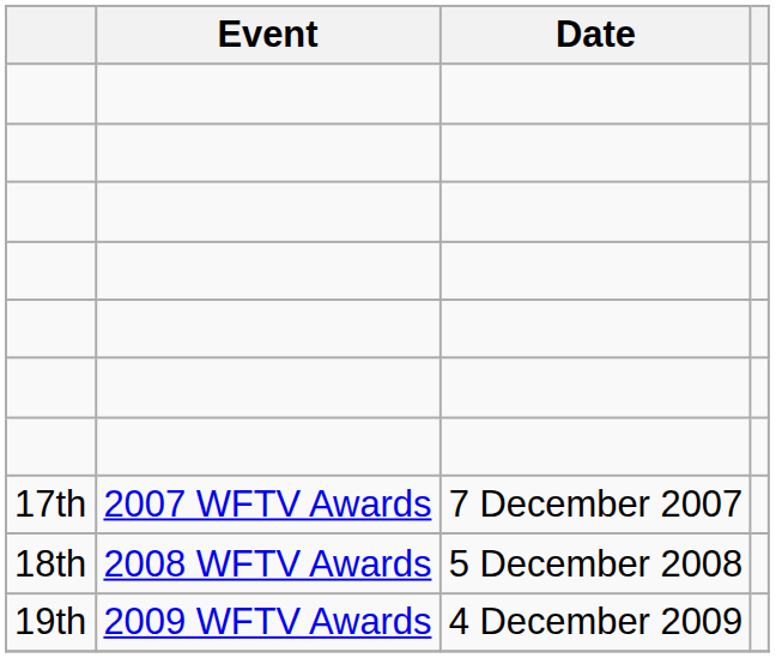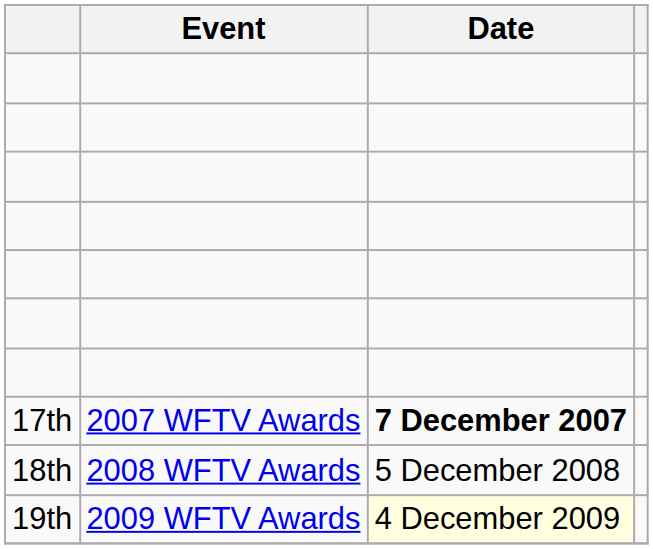 <table class="wikitable">
 <tr>
 <th></th>
 <th>Event</th>
 <th>Date</th>
 <th></th>
 </tr>
 <tr>
 <td></td>
 <td> </td>
 <td></td>
 <td></td>
 </tr>
 <tr>
 <td></td>
 <td> </td>
 <td></td>
 <td></td>
 </tr>
 <tr>
 <td></td>
 <td> </td>
 <td></td>
 <td></td>
 </tr>
 <tr>
 <td></td>
 <td> </td>
 <td></td>
 <td></td>
 </tr>
 <tr>
 <td></td>
 <td> </td>
 <td></td>
 <td></td>
 </tr>
 <tr>
 <td></td>
 <td> </td>
 <td></td>
 <td></td>
 </tr>
 <tr>
 <td></td>
 <td> </td>
 <td></td>
 <td></td>
 </tr>
 <tr>
 <td>17th</td>
 <td><a href='#'>2007 WFTV Awards</a></td>
-<td>7 December 2007</td>
+<td><strong>7 December 2007</strong></td>
 <td></td>
 </tr>
 <tr>
 <td>18th</td>
 <td><a href='#'>2008 WFTV Awards</a></td>
 <td>5 December 2008</td>
 <td></td>
 </tr>
 <tr>
 <td>19th</td>
 <td><a href='#'>2009 WFTV Awards</a></td>
-<td>4 December 2009</td>
+<td style="background: lightyellow;">4 December 2009</td>
 <td></td>
 </tr>
 <tr>
 </tr>
 </table>
